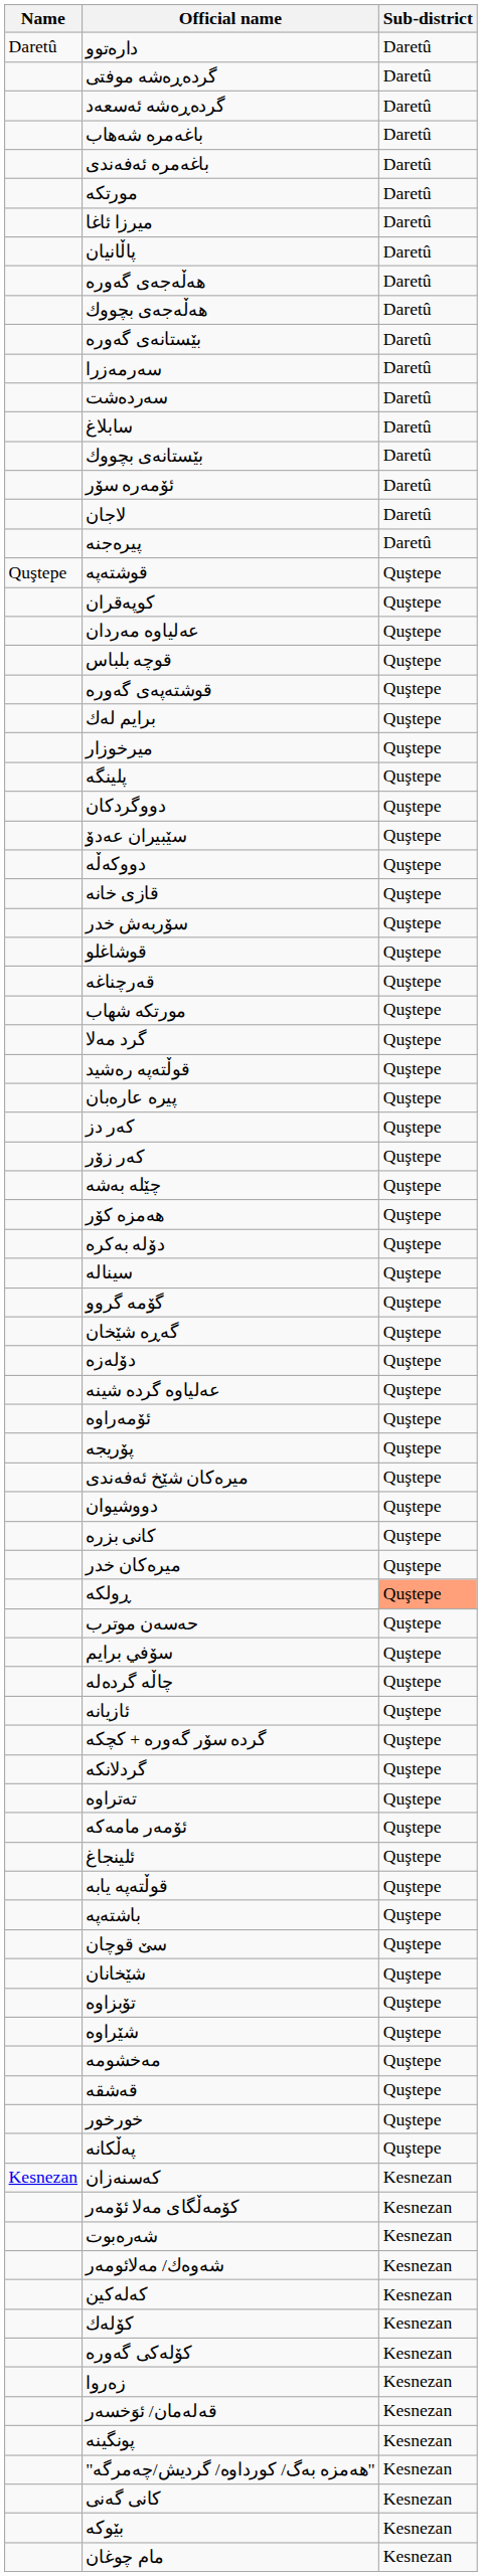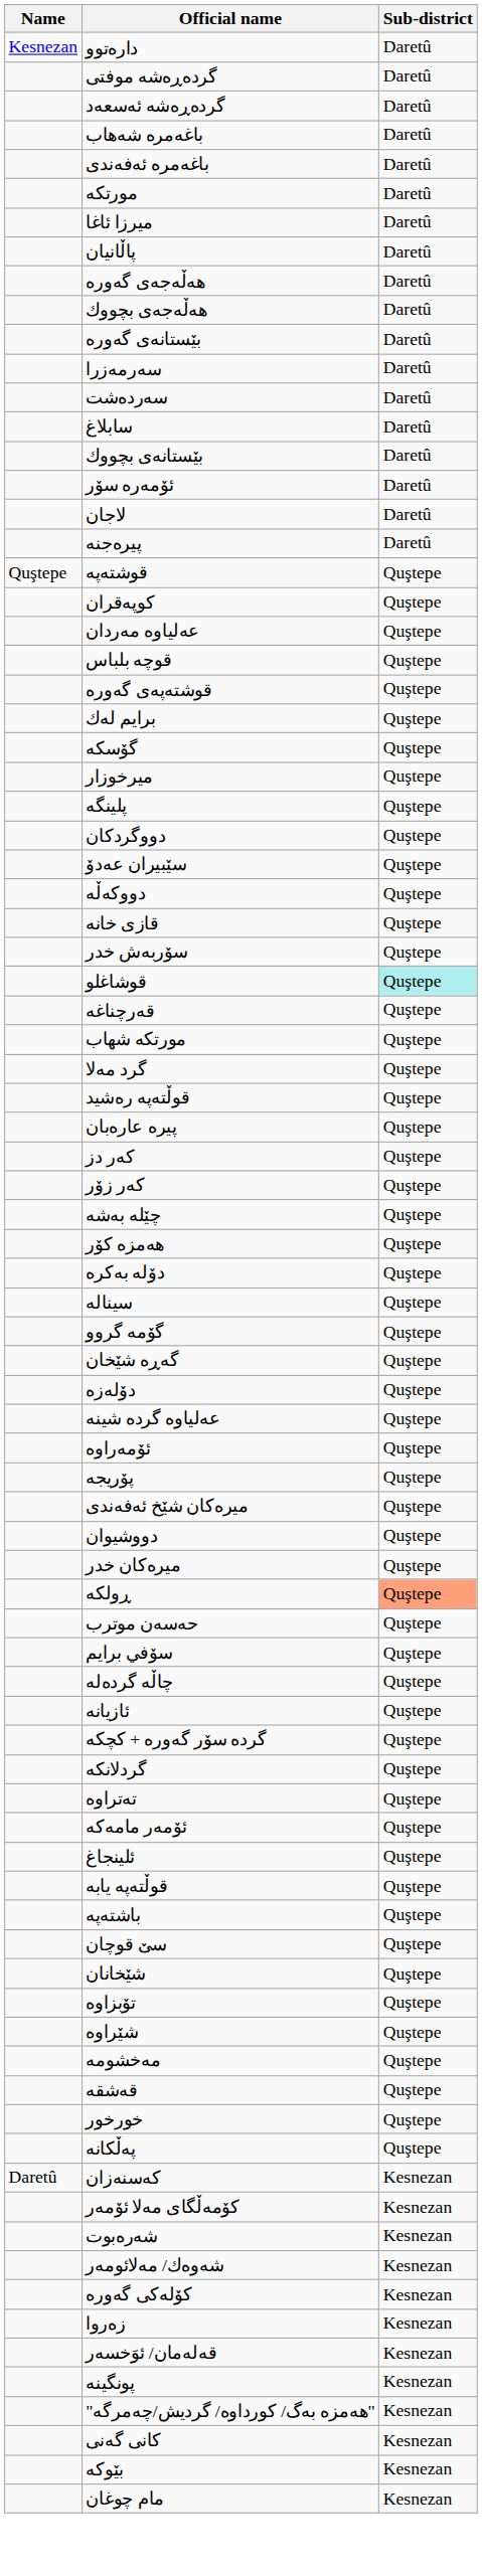 <table class="wikitable">
 <tr>
 <th>Name</th>
 <th>Official name</th>
 <th>Sub-district</th>
 </tr>
 <tr>
-<td>Daretû</td>
+<td><a href='#'>Kesnezan</a></td>
 <td>داره‌توو</td>
 <td>Daretû</td>
 </tr>
 <tr>
 <td></td>
 <td>گرده‌ڕه‌شه‌ موفتى</td>
 <td>Daretû</td>
 </tr>
 <tr>
 <td></td>
 <td>گرده‌ڕه‌شه‌ ئه‌سعه‌د</td>
 <td>Daretû</td>
 </tr>
 <tr>
 <td></td>
 <td>باغه‌مره‌ شه‌هاب</td>
 <td>Daretû</td>
 </tr>
 <tr>
 <td></td>
 <td>باغه‌مره‌ ئه‌فه‌ندى</td>
 <td>Daretû</td>
 </tr>
 <tr>
 <td></td>
 <td>مورتكه‌</td>
 <td>Daretû</td>
 </tr>
 <tr>
 <td></td>
 <td>ميرزا ئاغا</td>
 <td>Daretû</td>
 </tr>
 <tr>
 <td></td>
 <td>پاڵانيان</td>
 <td>Daretû</td>
 </tr>
 <tr>
 <td></td>
 <td>هه‌ڵه‌جه‌ى گه‌وره‌</td>
 <td>Daretû</td>
 </tr>
 <tr>
 <td></td>
 <td>هه‌ڵه‌جه‌ى بچووك</td>
 <td>Daretû</td>
 </tr>
 <tr>
 <td></td>
 <td>بێستانه‌ى گه‌وره‌</td>
 <td>Daretû</td>
 </tr>
 <tr>
 <td></td>
 <td>سه‌رمه‌زرا</td>
 <td>Daretû</td>
 </tr>
 <tr>
 <td></td>
 <td>سه‌رده‌شت</td>
 <td>Daretû</td>
 </tr>
 <tr>
 <td></td>
 <td>سابلاغ</td>
 <td>Daretû</td>
 </tr>
 <tr>
 <td></td>
 <td>بێستانه‌ى بچووك</td>
 <td>Daretû</td>
 </tr>
 <tr>
 <td></td>
 <td>ئۆمه‌ره‌ سۆر</td>
 <td>Daretû</td>
 </tr>
 <tr>
 <td></td>
 <td>لاجان</td>
 <td>Daretû</td>
 </tr>
 <tr>
 <td></td>
 <td>پيره‌جنه‌</td>
 <td>Daretû</td>
 </tr>
 <tr>
 <td>Quştepe</td>
 <td>قوشته‌په‌</td>
 <td>Quştepe</td>
 </tr>
 <tr>
 <td></td>
 <td>كوپه‌قران</td>
 <td>Quştepe</td>
 </tr>
 <tr>
 <td></td>
 <td>عه‌لياوه‌ مه‌ردان</td>
 <td>Quştepe</td>
 </tr>
 <tr>
 <td></td>
 <td>قوچه‌ بلباس</td>
 <td>Quştepe</td>
 </tr>
 <tr>
 <td></td>
 <td>قوشته‌په‌ى گه‌وره‌</td>
 <td>Quştepe</td>
 </tr>
 <tr>
 <td></td>
 <td>برايم له‌ك</td>
 <td>Quştepe</td>
 </tr>
 <tr>
 <td></td>
+<td>گۆسكه‌</td>
+<td>Quştepe</td>
+</tr>
+<tr>
+<td></td>
 <td>ميرخوزار</td>
 <td>Quştepe</td>
 </tr>
 <tr>
 <td></td>
 <td>پلينگه‌</td>
 <td>Quştepe</td>
 </tr>
 <tr>
 <td></td>
 <td>دووگردكان</td>
 <td>Quştepe</td>
 </tr>
 <tr>
 <td></td>
 <td>سێبيران عه‌دۆ</td>
 <td>Quştepe</td>
 </tr>
 <tr>
 <td></td>
 <td>دووكه‌ڵه‌</td>
 <td>Quştepe</td>
 </tr>
 <tr>
 <td></td>
 <td>قازى خانه‌</td>
 <td>Quştepe</td>
 </tr>
 <tr>
 <td></td>
 <td>سۆربه‌ش خدر</td>
 <td>Quştepe</td>
 </tr>
 <tr>
 <td></td>
 <td>قوشاغلو</td>
-<td>Quştepe</td>
+<td style="background: paleturquoise;">Quştepe</td>
 </tr>
 <tr>
 <td></td>
 <td>قه‌رچناغه‌</td>
 <td>Quştepe</td>
 </tr>
 <tr>
 <td></td>
 <td>مورتكه‌ شهاب</td>
 <td>Quştepe</td>
 </tr>
 <tr>
 <td></td>
 <td>گرد مه‌لا</td>
 <td>Quştepe</td>
 </tr>
 <tr>
 <td></td>
 <td>قوڵته‌په‌ ره‌شيد</td>
 <td>Quştepe</td>
 </tr>
 <tr>
 <td></td>
 <td>پيره‌ عاره‌بان</td>
 <td>Quştepe</td>
 </tr>
 <tr>
 <td></td>
 <td>كه‌ر دز</td>
 <td>Quştepe</td>
 </tr>
 <tr>
 <td></td>
 <td>كه‌ر زۆر</td>
 <td>Quştepe</td>
 </tr>
 <tr>
 <td></td>
 <td>چێله‌ به‌شه‌</td>
 <td>Quştepe</td>
 </tr>
 <tr>
 <td></td>
 <td>هه‌مزه‌ كۆر</td>
 <td>Quştepe</td>
 </tr>
 <tr>
 <td></td>
 <td>دۆله‌ به‌كره‌</td>
 <td>Quştepe</td>
 </tr>
 <tr>
 <td></td>
 <td>سيناله‌</td>
 <td>Quştepe</td>
 </tr>
 <tr>
 <td></td>
 <td>گۆمه‌ گروو</td>
 <td>Quştepe</td>
 </tr>
 <tr>
 <td></td>
 <td>گه‌ڕه‌ شێخان</td>
 <td>Quştepe</td>
 </tr>
 <tr>
 <td></td>
 <td>دۆله‌زه‌</td>
 <td>Quştepe</td>
 </tr>
 <tr>
 <td></td>
 <td>عه‌لياوه‌ گرده‌ شينه‌</td>
 <td>Quştepe</td>
 </tr>
 <tr>
 <td></td>
 <td>ئۆمه‌راوه‌</td>
 <td>Quştepe</td>
 </tr>
 <tr>
 <td></td>
 <td>پۆريجه‌</td>
 <td>Quştepe</td>
 </tr>
 <tr>
 <td></td>
 <td>ميره‌كان شێخ ئه‌فه‌ندى</td>
 <td>Quştepe</td>
 </tr>
 <tr>
 <td></td>
 <td>دووشيوان</td>
-<td>Quştepe</td>
-</tr>
-<tr>
-<td></td>
-<td>كانى بزره‌</td>
 <td>Quştepe</td>
 </tr>
 <tr>
 <td></td>
 <td>ميره‌كان خدر</td>
 <td>Quştepe</td>
 </tr>
 <tr>
 <td></td>
 <td>ڕولكه‌</td>
 <td style="background: lightsalmon;">Quştepe</td>
 </tr>
 <tr>
 <td></td>
 <td>حه‌سه‌ن موترب</td>
 <td>Quştepe</td>
 </tr>
 <tr>
 <td></td>
 <td>سۆفي برايم</td>
 <td>Quştepe</td>
 </tr>
 <tr>
 <td></td>
 <td>چاڵه‌ گرده‌له‌</td>
 <td>Quştepe</td>
 </tr>
 <tr>
 <td></td>
 <td>ئازيانه‌</td>
 <td>Quştepe</td>
 </tr>
 <tr>
 <td></td>
 <td>گرده‌ سۆر گه‌وره‌ + كچكه‌</td>
 <td>Quştepe</td>
 </tr>
 <tr>
 <td></td>
 <td>گردلانكه‌</td>
 <td>Quştepe</td>
 </tr>
 <tr>
 <td></td>
 <td>ته‌تراوه‌</td>
 <td>Quştepe</td>
 </tr>
 <tr>
 <td></td>
 <td>ئۆمه‌ر مامه‌كه‌</td>
 <td>Quştepe</td>
 </tr>
 <tr>
 <td></td>
 <td>ئلينجاغ</td>
 <td>Quştepe</td>
 </tr>
 <tr>
 <td></td>
 <td>قوڵته‌په‌ يابه‌</td>
 <td>Quştepe</td>
 </tr>
 <tr>
 <td></td>
 <td>باشته‌په‌</td>
 <td>Quştepe</td>
 </tr>
 <tr>
 <td></td>
 <td>سێ قوچان</td>
 <td>Quştepe</td>
 </tr>
 <tr>
 <td></td>
 <td>شێخانان</td>
 <td>Quştepe</td>
 </tr>
 <tr>
 <td></td>
 <td>تۆبزاوه‌</td>
 <td>Quştepe</td>
 </tr>
 <tr>
 <td></td>
 <td>شێراوه‌</td>
 <td>Quştepe</td>
 </tr>
 <tr>
 <td></td>
 <td>مه‌خشومه‌</td>
 <td>Quştepe</td>
 </tr>
 <tr>
 <td></td>
 <td>قه‌شقه‌</td>
 <td>Quştepe</td>
 </tr>
 <tr>
 <td></td>
 <td>خورخور</td>
 <td>Quştepe</td>
 </tr>
 <tr>
 <td></td>
 <td>په‌ڵكانه‌</td>
 <td>Quştepe</td>
 </tr>
 <tr>
-<td><a href='#'>Kesnezan</a></td>
+<td>Daretû</td>
 <td>كه‌سنه‌زان</td>
 <td>Kesnezan</td>
 </tr>
 <tr>
 <td></td>
 <td>كۆمه‌ڵگاى مه‌لا ئۆمه‌ر</td>
 <td>Kesnezan</td>
 </tr>
 <tr>
 <td></td>
 <td>شه‌ره‌بوت</td>
 <td>Kesnezan</td>
 </tr>
 <tr>
 <td></td>
 <td>شه‌وه‌ك/ مه‌لائومه‌ر</td>
-<td>Kesnezan</td>
-</tr>
-<tr>
-<td></td>
-<td>كه‌له‌كين</td>
-<td>Kesnezan</td>
-</tr>
-<tr>
-<td></td>
-<td>كۆله‌ك</td>
 <td>Kesnezan</td>
 </tr>
 <tr>
 <td></td>
 <td>كۆله‌كى گه‌وره‌</td>
 <td>Kesnezan</td>
 </tr>
 <tr>
 <td></td>
 <td>زه‌روا</td>
 <td>Kesnezan</td>
 </tr>
 <tr>
 <td></td>
 <td>قه‌له‌مان/ ئوَخسه‌ر</td>
 <td>Kesnezan</td>
 </tr>
 <tr>
 <td></td>
 <td>پونگينه‌</td>
 <td>Kesnezan</td>
 </tr>
 <tr>
 <td></td>
 <td>"هه‌مزه‌ به‌گ/ كورداوه‌/ گرديش/چه‌مرگه‌"</td>
 <td>Kesnezan</td>
 </tr>
 <tr>
 <td></td>
 <td>كانى گه‌نى</td>
 <td>Kesnezan</td>
 </tr>
 <tr>
 <td></td>
 <td>بێوكه‌</td>
 <td>Kesnezan</td>
 </tr>
 <tr>
 <td></td>
 <td>مام چوغان</td>
 <td>Kesnezan</td>
 </tr>
 </table>
